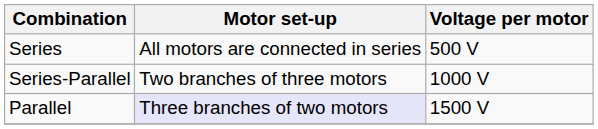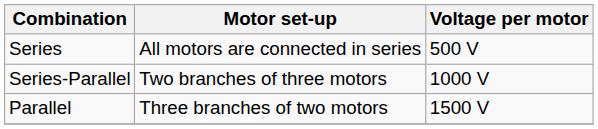 <table class="wikitable">
 <tr>
 <th>Combination</th>
 <th>Motor set-up</th>
 <th>Voltage per motor</th>
 </tr>
 <tr>
 <td>Series</td>
 <td>All motors are connected in series</td>
 <td>500 V</td>
 </tr>
 <tr>
 <td>Series-Parallel</td>
 <td>Two branches of three motors</td>
 <td>1000 V</td>
 </tr>
 <tr>
 <td>Parallel</td>
-<td style="background: lavender;">Three branches of two motors</td>
+<td>Three branches of two motors</td>
 <td>1500 V</td>
 </tr>
 <tr>
 </tr>
 </table>
